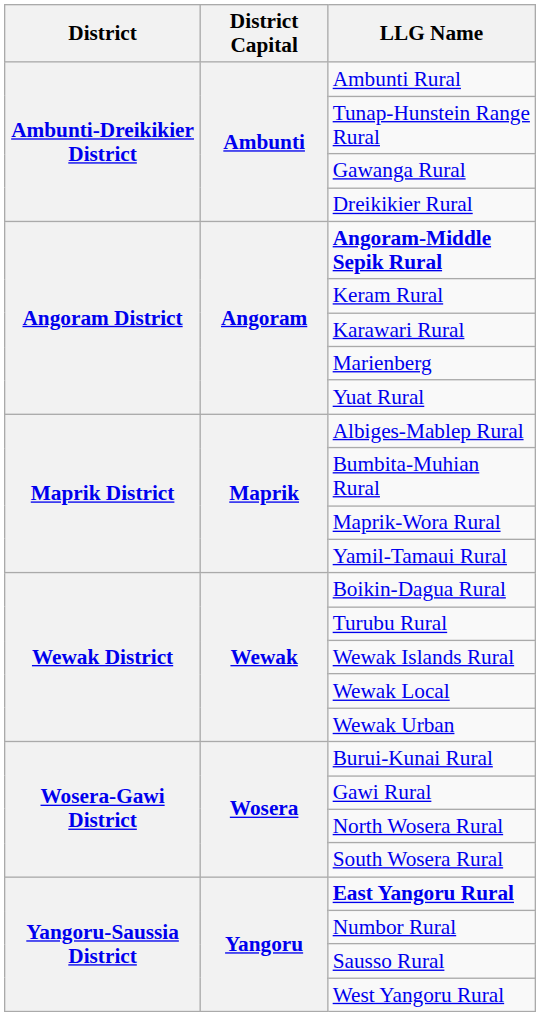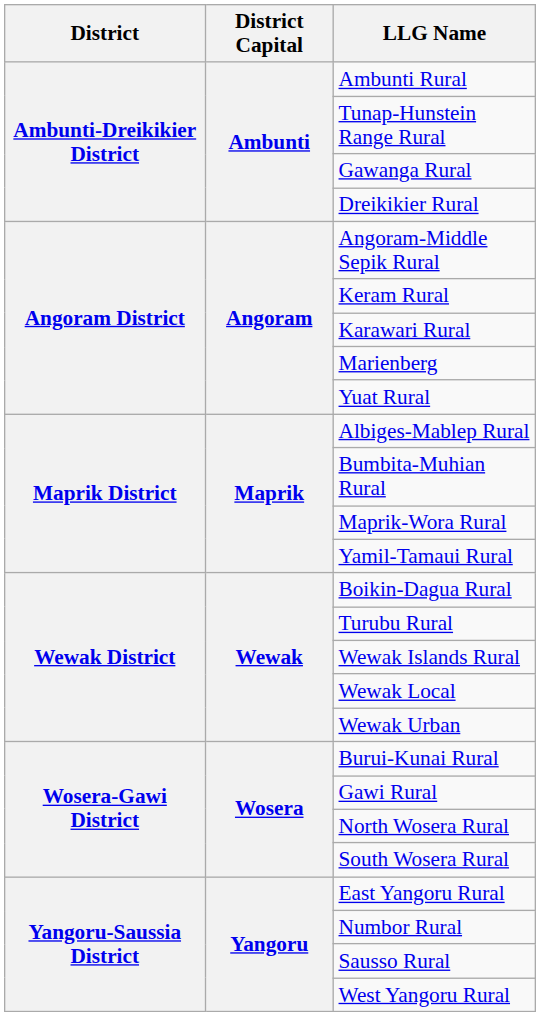 <table class="wikitable" style="text-align: left;" width="400">
 <tr>
 <th>District</th>
 <th>District Capital</th>
 <th>LLG Name</th>
 </tr>
 <tr>
 <th rowspan="4"><a href='#'>Ambunti-Dreikikier District</a></th>
 <th rowspan="4"><a href='#'>Ambunti</a></th>
 <td><a href='#'>Ambunti Rural</a></td>
 </tr>
 <tr>
 <td><a href='#'>Tunap-Hunstein Range Rural</a></td>
 </tr>
 <tr>
 <td><a href='#'>Gawanga Rural</a></td>
 </tr>
 <tr>
 <td><a href='#'>Dreikikier Rural</a></td>
 </tr>
 <tr>
 <th rowspan="5"><a href='#'>Angoram District</a></th>
 <th rowspan="5"><a href='#'>Angoram</a></th>
-<td><strong><a href='#'>Angoram-Middle Sepik Rural</a></strong></td>
+<td><a href='#'>Angoram-Middle Sepik Rural</a></td>
 </tr>
 <tr>
 <td><a href='#'>Keram Rural</a></td>
 </tr>
 <tr>
 <td><a href='#'>Karawari Rural</a></td>
 </tr>
 <tr>
 <td><a href='#'>Marienberg</a></td>
 </tr>
 <tr>
 <td><a href='#'>Yuat Rural</a></td>
 </tr>
 <tr>
 <th rowspan="4"><a href='#'>Maprik District</a></th>
 <th rowspan="4"><a href='#'>Maprik</a></th>
 <td><a href='#'>Albiges-Mablep Rural</a></td>
 </tr>
 <tr>
 <td><a href='#'>Bumbita-Muhian Rural</a></td>
 </tr>
 <tr>
 <td><a href='#'>Maprik-Wora Rural</a></td>
 </tr>
 <tr>
 <td><a href='#'>Yamil-Tamaui Rural</a></td>
 </tr>
 <tr>
 <th rowspan="5"><a href='#'>Wewak District</a></th>
 <th rowspan="5"><a href='#'>Wewak</a></th>
 <td><a href='#'>Boikin-Dagua Rural</a></td>
 </tr>
 <tr>
 <td><a href='#'>Turubu Rural</a></td>
 </tr>
 <tr>
 <td><a href='#'>Wewak Islands Rural</a></td>
 </tr>
 <tr>
 <td><a href='#'>Wewak Local</a></td>
 </tr>
 <tr>
 <td><a href='#'>Wewak Urban</a></td>
 </tr>
 <tr>
 <th rowspan="4"><a href='#'>Wosera-Gawi District</a></th>
 <th rowspan="4"><a href='#'>Wosera</a></th>
 <td><a href='#'>Burui-Kunai Rural</a></td>
 </tr>
 <tr>
 <td><a href='#'>Gawi Rural</a></td>
 </tr>
 <tr>
 <td><a href='#'>North Wosera Rural</a></td>
 </tr>
 <tr>
 <td><a href='#'>South Wosera Rural</a></td>
 </tr>
 <tr>
 <th rowspan="4"><a href='#'>Yangoru-Saussia District</a></th>
 <th rowspan="4"><a href='#'>Yangoru</a></th>
-<td><strong><a href='#'>East Yangoru Rural</a></strong></td>
+<td><a href='#'>East Yangoru Rural</a></td>
 </tr>
 <tr>
 <td><a href='#'>Numbor Rural</a></td>
 </tr>
 <tr>
 <td><a href='#'>Sausso Rural</a></td>
 </tr>
 <tr>
 <td><a href='#'>West Yangoru Rural</a></td>
 </tr>
 </table>
